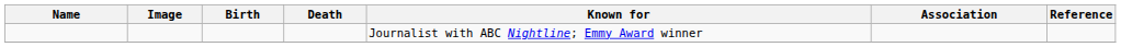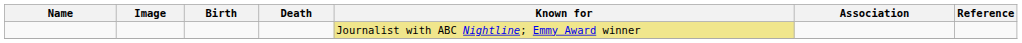 <table class="wikitable sortable">
 <tr>
 <th scope="col" width="140">Name</th>
 <th scope="col" width="80" class="unsortable">Image</th>
 <th scope="col" width="90">Birth</th>
 <th scope="col" width="90">Death</th>
 <th scope="col" width="600" class="unsortable">Known for</th>
 <th scope="col" width="200" class="unsortable">Association</th>
 <th scope="col" width="30" class="unsortable">Reference</th>
 </tr>
 <tr>
 <td></td>
 <td></td>
 <td align=right></td>
 <td></td>
-<td>Journalist with ABC <em><a href='#'>Nightline</a></em>; <a href='#'>Emmy Award</a> winner</td>
+<td style="background: khaki;">Journalist with ABC <em><a href='#'>Nightline</a></em>; <a href='#'>Emmy Award</a> winner</td>
 <td></td>
 <td align="center"></td>
 </tr>
 <tr>
 </tr>
 </table>
